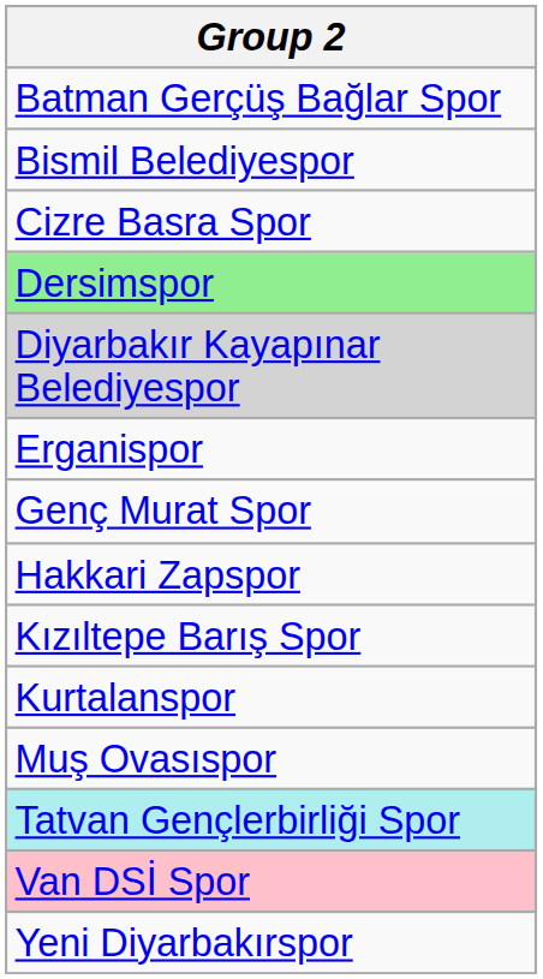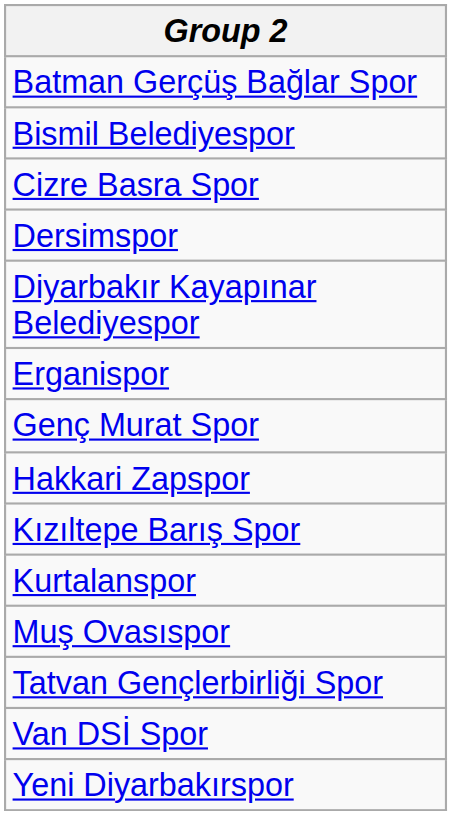 <table class="wikitable collapsible collapsed" style="font-size:95%;">
 <tr>
 <th colspan="1" width="200"><em>Group 2</em></th>
 </tr>
 <tr>
 <td><a href='#'>Batman Gerçüş Bağlar Spor</a></td>
 </tr>
 <tr>
 <td><a href='#'>Bismil Belediyespor</a></td>
 </tr>
 <tr>
 <td><a href='#'>Cizre Basra Spor</a></td>
 </tr>
 <tr>
-<td style="background: lightgreen;"><a href='#'>Dersimspor</a></td>
+<td><a href='#'>Dersimspor</a></td>
 </tr>
 <tr>
-<td style="background: lightgrey;"><a href='#'>Diyarbakır Kayapınar Belediyespor</a></td>
+<td><a href='#'>Diyarbakır Kayapınar Belediyespor</a></td>
 </tr>
 <tr>
 <td><a href='#'>Erganispor</a></td>
 </tr>
 <tr>
 <td><a href='#'>Genç Murat Spor</a></td>
 </tr>
 <tr>
 <td><a href='#'>Hakkari Zapspor</a></td>
 </tr>
 <tr>
 <td><a href='#'>Kızıltepe Barış Spor</a></td>
 </tr>
 <tr>
 <td><a href='#'>Kurtalanspor</a></td>
 </tr>
 <tr>
 <td><a href='#'>Muş Ovasıspor</a></td>
 </tr>
 <tr>
-<td style="background: paleturquoise;"><a href='#'>Tatvan Gençlerbirliği Spor</a></td>
+<td><a href='#'>Tatvan Gençlerbirliği Spor</a></td>
 </tr>
 <tr>
-<td style="background: pink;"><a href='#'>Van DSİ Spor</a></td>
+<td><a href='#'>Van DSİ Spor</a></td>
 </tr>
 <tr>
 <td><a href='#'>Yeni Diyarbakırspor</a></td>
 </tr>
 </table>
